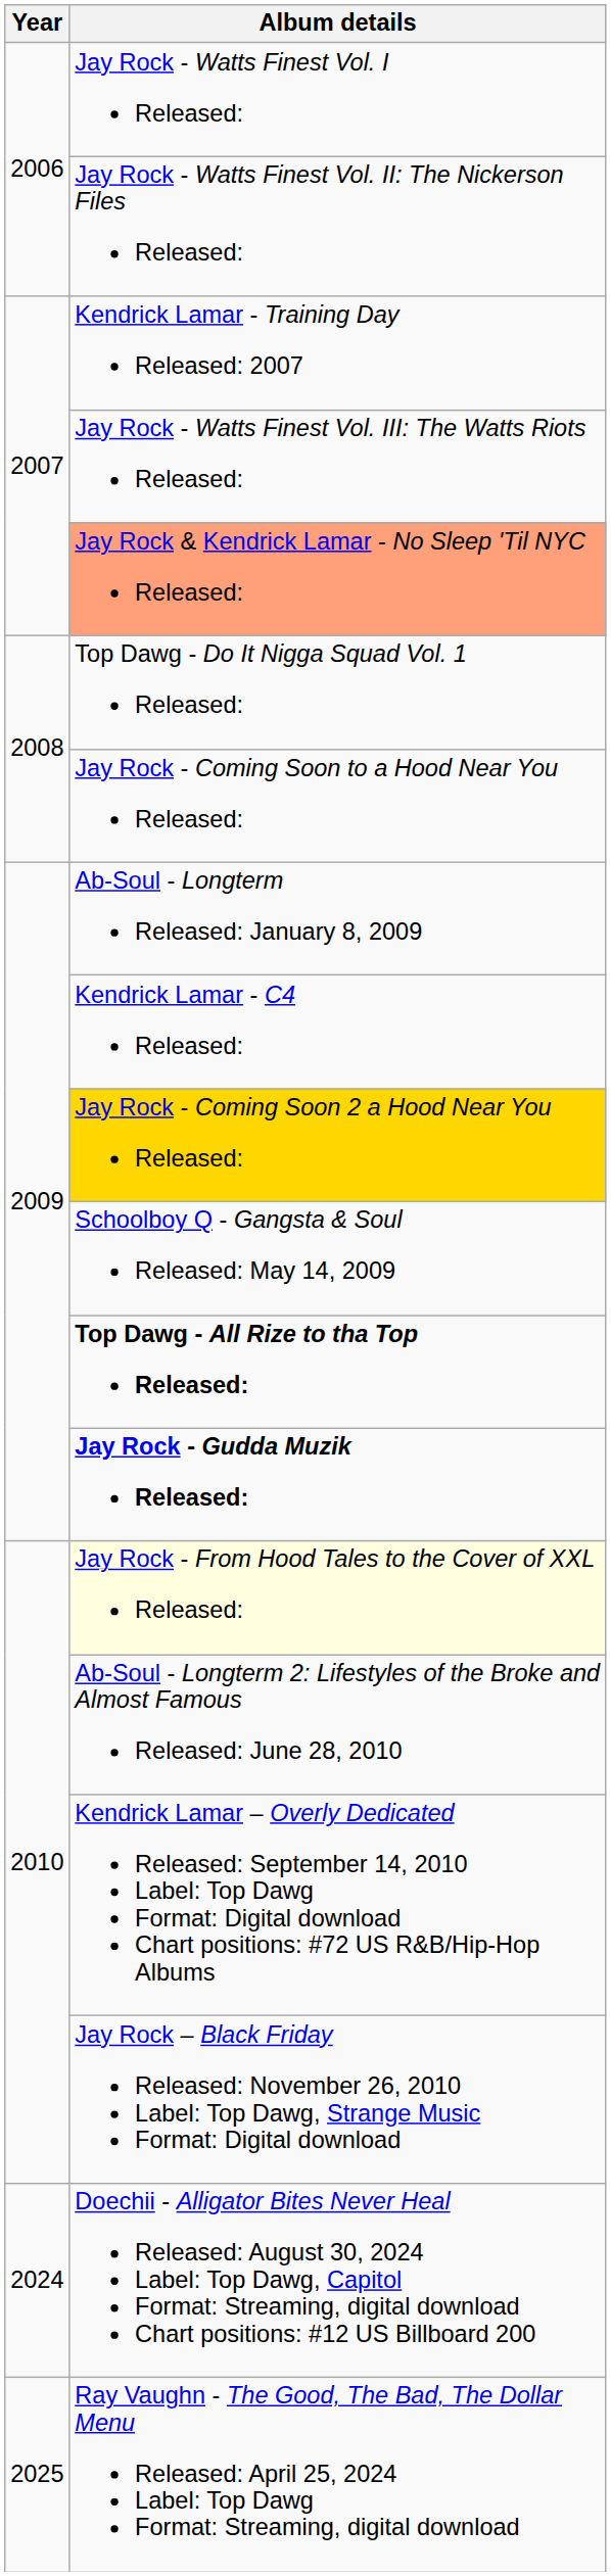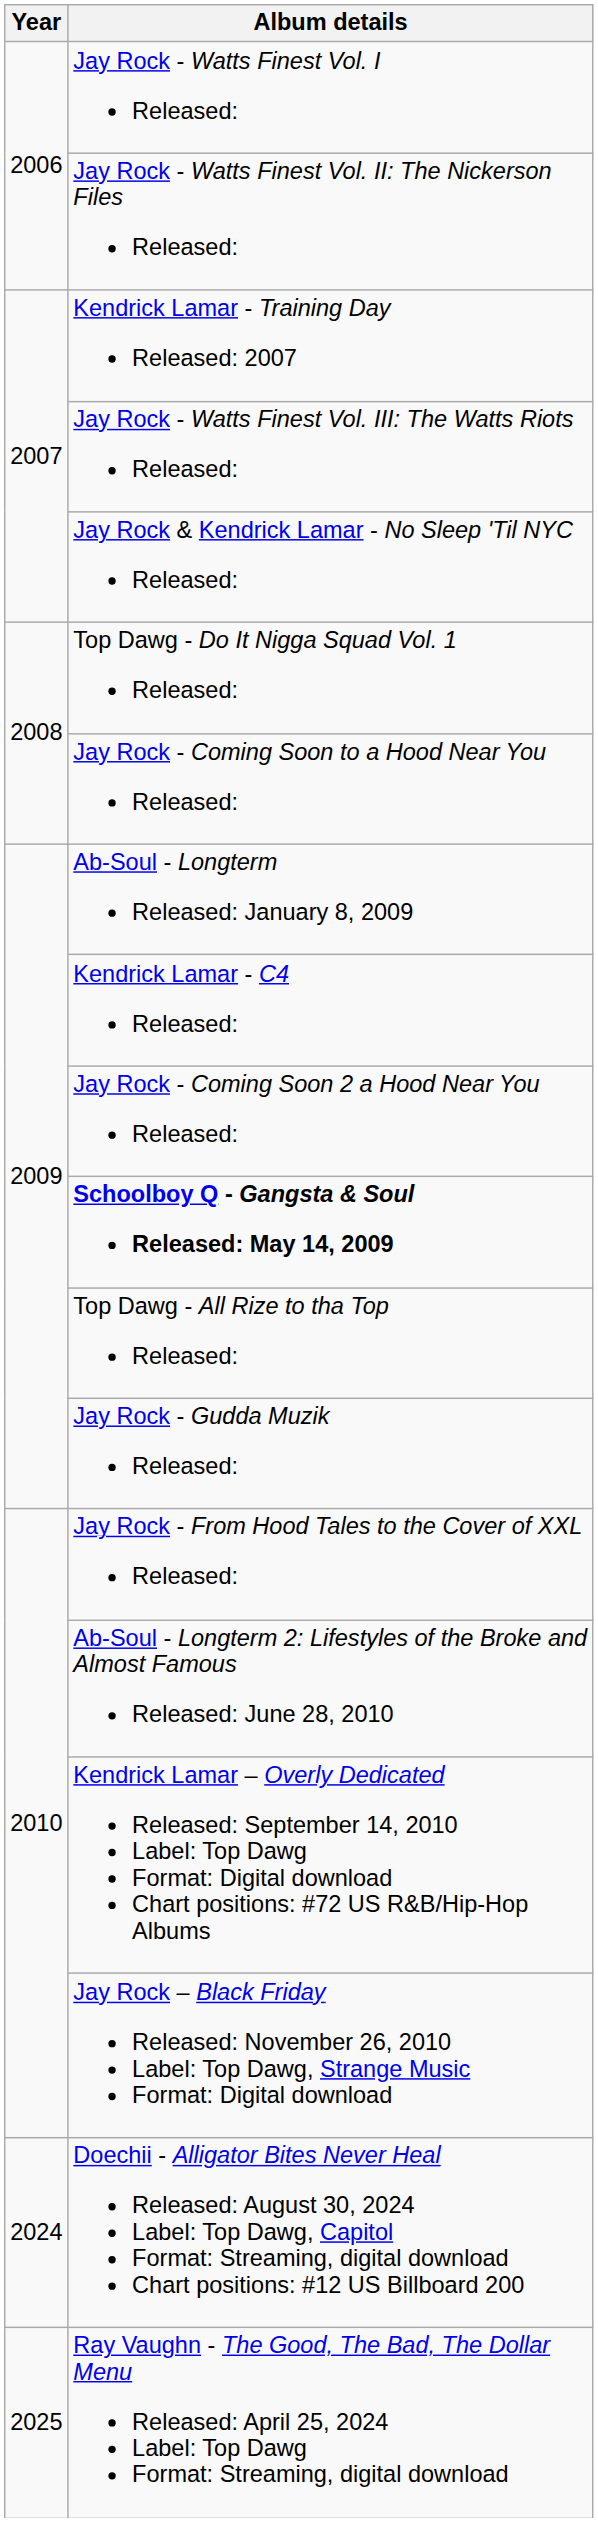 <table class="wikitable">
 <tr>
 <th rowspan="1" style="width:20px;">Year</th>
 <th rowspan="1" style="width:350px;">Album details</th>
 </tr>
 <tr>
 <td rowspan="2">2006</td>
 <td><a href='#'>Jay Rock</a> - <em>Watts Finest Vol. I</em><br><ul><li>Released: </li></ul></td>
 </tr>
 <tr>
 <td><a href='#'>Jay Rock</a> - <em>Watts Finest Vol. II: The Nickerson Files</em><br><ul><li>Released: </li></ul></td>
 </tr>
 <tr>
 <td rowspan="3">2007</td>
 <td><a href='#'>Kendrick Lamar</a> - <em>Training Day</em> <br><ul><li>Released: 2007</li></ul></td>
 </tr>
 <tr>
 <td><a href='#'>Jay Rock</a> - <em>Watts Finest Vol. III: The Watts Riots</em><br><ul><li>Released: </li></ul></td>
 </tr>
 <tr>
-<td style="background: lightsalmon;"><a href='#'>Jay Rock</a> & <a href='#'>Kendrick Lamar</a> - <em>No Sleep 'Til NYC</em><br><ul><li>Released: </li></ul></td>
+<td><a href='#'>Jay Rock</a> & <a href='#'>Kendrick Lamar</a> - <em>No Sleep 'Til NYC</em><br><ul><li>Released: </li></ul></td>
 </tr>
 <tr>
 <td rowspan="2">2008</td>
 <td>Top Dawg - <em>Do It Nigga Squad Vol. 1</em><br><ul><li>Released: </li></ul></td>
 </tr>
 <tr>
 <td><a href='#'>Jay Rock</a> - <em>Coming Soon to a Hood Near You</em><br><ul><li>Released: </li></ul></td>
 </tr>
 <tr>
 <td rowspan="6">2009</td>
 <td><a href='#'>Ab-Soul</a> - <em>Longterm</em><br><ul><li>Released: January 8, 2009</li></ul></td>
 </tr>
 <tr>
 <td><a href='#'>Kendrick Lamar</a> - <em><a href='#'>C4</a></em> <br><ul><li>Released: </li></ul></td>
 </tr>
 <tr>
-<td style="background: gold;"><a href='#'>Jay Rock</a> - <em>Coming Soon 2 a Hood Near You</em><br><ul><li>Released: </li></ul></td>
+<td><a href='#'>Jay Rock</a> - <em>Coming Soon 2 a Hood Near You</em><br><ul><li>Released: </li></ul></td>
 </tr>
 <tr>
-<td><a href='#'>Schoolboy Q</a> - <em>Gangsta & Soul</em><br><ul><li>Released: May 14, 2009</li></ul></td>
+<td><strong><a href='#'>Schoolboy Q</a> - <em>Gangsta & Soul</em><br><ul><li>Released: May 14, 2009</li></ul></strong></td>
 </tr>
 <tr>
-<td><strong>Top Dawg - <em>All Rize to tha Top</em><br><ul><li>Released: </li></ul></strong></td>
+<td>Top Dawg - <em>All Rize to tha Top</em><br><ul><li>Released: </li></ul></td>
 </tr>
 <tr>
-<td><strong><a href='#'>Jay Rock</a> - <em>Gudda Muzik</em><br><ul><li>Released: </li></ul></strong></td>
+<td><a href='#'>Jay Rock</a> - <em>Gudda Muzik</em><br><ul><li>Released: </li></ul></td>
 </tr>
 <tr>
 <td rowspan="4">2010</td>
-<td style="background: lightyellow;"><a href='#'>Jay Rock</a> - <em>From Hood Tales to the Cover of XXL</em><br><ul><li>Released: </li></ul></td>
+<td><a href='#'>Jay Rock</a> - <em>From Hood Tales to the Cover of XXL</em><br><ul><li>Released: </li></ul></td>
 </tr>
 <tr>
 <td><a href='#'>Ab-Soul</a> - <em>Longterm 2: Lifestyles of the Broke and Almost Famous</em><br><ul><li>Released: June 28, 2010</li></ul></td>
 </tr>
 <tr>
 <td><a href='#'>Kendrick Lamar</a> – <em><a href='#'>Overly Dedicated</a></em><br><ul><li>Released: September 14, 2010</li><li>Label: Top Dawg</li><li>Format: Digital download</li><li>Chart positions: #72 US R&B/Hip-Hop Albums</li></ul></td>
 </tr>
 <tr>
 <td><a href='#'>Jay Rock</a> – <em><a href='#'>Black Friday</a></em><br><ul><li>Released: November 26, 2010</li><li>Label: Top Dawg, <a href='#'>Strange Music</a></li><li>Format: Digital download</li></ul></td>
 </tr>
 <tr>
 <td>2024</td>
 <td><a href='#'>Doechii</a> - <em><a href='#'>Alligator Bites Never Heal</a></em><br><ul><li>Released: August 30, 2024</li><li>Label: Top Dawg, <a href='#'>Capitol</a></li><li>Format: Streaming, digital download</li><li>Chart positions: #12 US Billboard 200</li></ul></td>
 </tr>
 <tr>
 <td>2025</td>
 <td><a href='#'>Ray Vaughn</a> - <em><a href='#'>The Good, The Bad, The Dollar Menu</a></em><br><ul><li>Released: April 25, 2024</li><li>Label: Top Dawg</li><li>Format: Streaming, digital download</li></ul></td>
 </tr>
 </table>
